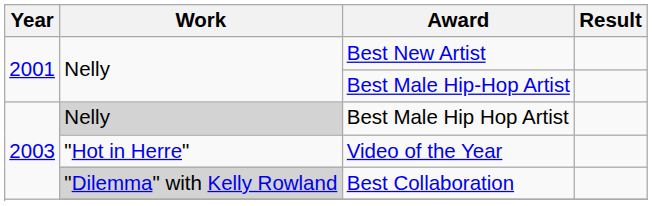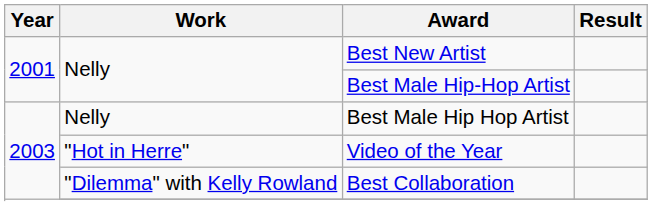 <table class="wikitable">
 <tr>
 <th>Year</th>
 <th>Work</th>
 <th>Award</th>
 <th>Result</th>
 </tr>
 <tr>
 <td rowspan="2"><a href='#'>2001</a></td>
 <td rowspan="2">Nelly</td>
 <td><a href='#'>Best New Artist</a></td>
 <td></td>
 </tr>
 <tr>
 <td><a href='#'>Best Male Hip-Hop Artist</a></td>
 <td></td>
 </tr>
 <tr>
 <td rowspan="4"><a href='#'>2003</a></td>
-<td style="background: lightgrey;">Nelly</td>
+<td>Nelly</td>
 <td>Best Male Hip Hop Artist</td>
 <td></td>
 </tr>
 <tr>
 <td>"<a href='#'>Hot in Herre</a>"</td>
 <td><a href='#'>Video of the Year</a></td>
 <td></td>
 </tr>
 <tr>
-<td style="background: lightgrey;">"<a href='#'>Dilemma</a>" with <a href='#'>Kelly Rowland</a></td>
+<td>"<a href='#'>Dilemma</a>" with <a href='#'>Kelly Rowland</a></td>
 <td><a href='#'>Best Collaboration</a></td>
 <td></td>
 </tr>
 <tr>
 </tr>
 </table>
